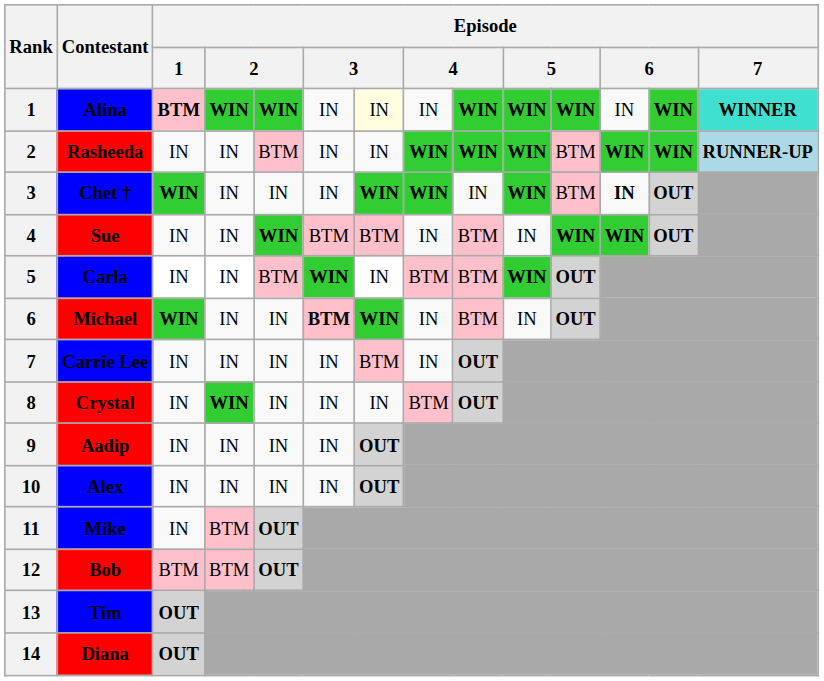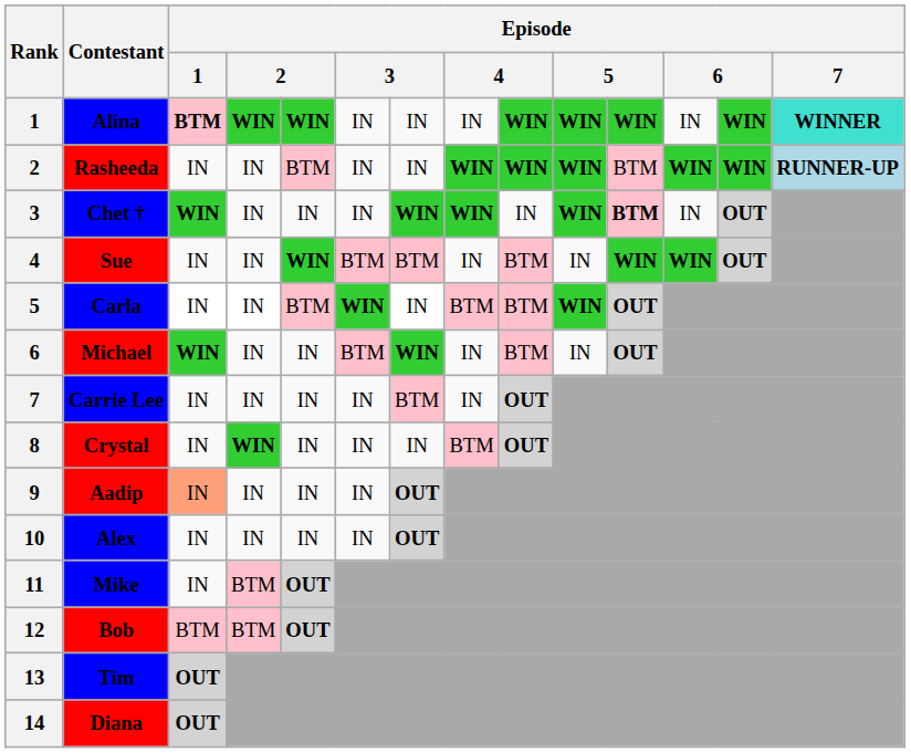 <table class="wikitable" style="text-align: center; font-size: 8.5pt; line-height:20px;">
 <tr>
 <th rowspan=2>Rank</th>
 <th rowspan=2>Contestant</th>
 <th colspan=12>Episode</th>
 </tr>
 <tr>
 <th>1</th>
 <th colspan=2>2</th>
 <th colspan=2>3</th>
 <th colspan=2>4</th>
 <th colspan=2>5</th>
 <th colspan=2>6</th>
 <th>7</th>
 </tr>
 <tr>
 <th>1</th>
 <td bgcolor="blue"><span><strong>Alina</strong></span></td>
 <td style="background:pink;"><strong>BTM</strong></td>
 <td style="background:limegreen;"><strong>WIN</strong></td>
 <td style="background:limegreen;"><strong>WIN</strong></td>
 <td>IN</td>
-<td style="background: lightyellow;">IN</td>
+<td>IN</td>
 <td>IN</td>
 <td style="background:limegreen;"><strong>WIN</strong></td>
 <td style="background:limegreen;"><strong>WIN</strong></td>
 <td style="background:limegreen;"><strong>WIN</strong></td>
 <td>IN</td>
 <td style="background:limegreen;"><strong>WIN</strong></td>
 <td style="background:turquoise;"><strong>WINNER</strong></td>
 </tr>
 <tr>
 <th>2</th>
 <td bgcolor="red"><span><strong>Rasheeda</strong></span></td>
 <td>IN</td>
 <td>IN</td>
 <td style="background:pink;">BTM</td>
 <td>IN</td>
 <td>IN</td>
 <td style="background:limegreen;"><strong>WIN</strong></td>
 <td style="background:limegreen;"><strong>WIN</strong></td>
 <td style="background:limegreen;"><strong>WIN</strong></td>
 <td style="background:pink;">BTM</td>
 <td style="background:limegreen;"><strong>WIN</strong></td>
 <td style="background:limegreen;"><strong>WIN</strong></td>
 <td style="background:lightblue;"><strong>RUNNER-UP</strong></td>
 </tr>
 <tr>
 <th>3</th>
 <td bgcolor="blue"><span><strong>Chet †</strong></span></td>
 <td style="background:limegreen;"><strong>WIN</strong></td>
 <td>IN</td>
 <td>IN</td>
 <td>IN</td>
 <td style="background:limegreen;"><strong>WIN</strong></td>
 <td style="background:limegreen;"><strong>WIN</strong></td>
 <td>IN</td>
 <td style="background:limegreen;"><strong>WIN</strong></td>
-<td style="background:pink;">BTM</td>
-<td><strong>IN</strong></td>
+<td style="background:pink;"><strong>BTM</strong></td>
+<td>IN</td>
 <td style="background:lightgray;"><strong>OUT</strong></td>
 <td colspan="1" style="background:darkgrey;"></td>
 </tr>
 <tr>
 <th>4</th>
 <td bgcolor="red"><span><strong>Sue</strong></span></td>
 <td>IN</td>
 <td>IN</td>
 <td style="background:limegreen;"><strong>WIN</strong></td>
 <td style="background:pink;">BTM</td>
 <td style="background:pink;">BTM</td>
 <td>IN</td>
 <td style="background:pink;">BTM</td>
 <td>IN</td>
 <td style="background:limegreen;"><strong>WIN</strong></td>
 <td style="background:limegreen;"><strong>WIN</strong></td>
 <td style="background:lightgray;"><strong>OUT</strong></td>
 <td colspan="1" style="background:darkgrey;"></td>
 </tr>
 <tr>
 <th>5</th>
 <td bgcolor="blue"><span><strong>Carla</strong></span></td>
 <td style="background:white;">IN</td>
 <td style="background:white;">IN</td>
 <td style="background:pink;">BTM</td>
 <td style="background:limegreen;"><strong>WIN</strong></td>
 <td style="background:white;">IN</td>
 <td style="background:pink;">BTM</td>
 <td style="background:pink;">BTM</td>
 <td style="background:limegreen;"><strong>WIN</strong></td>
 <td style="background:lightgray;"><strong>OUT</strong></td>
 <td colspan="3" style="background:darkgrey;"></td>
 </tr>
 <tr>
 <th>6</th>
 <td bgcolor="red"><span><strong>Michael</strong></span></td>
 <td style="background:limegreen;"><strong>WIN</strong></td>
 <td>IN</td>
 <td>IN</td>
-<td style="background:pink;"><strong>BTM</strong></td>
+<td style="background:pink;">BTM</td>
 <td style="background:limegreen;"><strong>WIN</strong></td>
 <td>IN</td>
 <td style="background:pink;">BTM</td>
 <td>IN</td>
 <td style="background:lightgray;"><strong>OUT</strong></td>
 <td colspan="3" style="background:darkgrey;"></td>
 </tr>
 <tr>
 <th>7</th>
 <td bgcolor="blue"><span><strong>Carrie Lee</strong></span></td>
 <td>IN</td>
 <td>IN</td>
 <td>IN</td>
 <td>IN</td>
 <td style="background:pink;">BTM</td>
 <td>IN</td>
 <td style="background:lightgray;"><strong>OUT</strong></td>
 <td colspan="5" style="background:darkgrey;"></td>
 </tr>
 <tr>
 <th>8</th>
 <td bgcolor="red"><span><strong>Crystal</strong></span></td>
 <td>IN</td>
 <td style="background:limegreen;"><strong>WIN</strong></td>
 <td>IN</td>
 <td>IN</td>
 <td>IN</td>
 <td style="background:pink;">BTM</td>
 <td style="background:lightgray;"><strong>OUT</strong></td>
 <td colspan="5" style="background:darkgrey;"></td>
 </tr>
 <tr>
 <th>9</th>
 <td bgcolor="red"><span><strong>Aadip</strong></span></td>
-<td>IN</td>
+<td style="background: lightsalmon;">IN</td>
 <td>IN</td>
 <td>IN</td>
 <td>IN</td>
 <td style="background:lightgray;"><strong>OUT</strong></td>
 <td colspan="7" style="background:darkgrey;"></td>
 </tr>
 <tr>
 <th>10</th>
 <td bgcolor="blue"><span><strong>Alex</strong></span></td>
 <td>IN</td>
 <td>IN</td>
 <td>IN</td>
 <td>IN</td>
 <td style="background:lightgray;"><strong>OUT</strong></td>
 <td colspan="7" style="background:darkgrey;"></td>
 </tr>
 <tr>
 <th>11</th>
 <td bgcolor="blue"><span><strong>Mike</strong></span></td>
 <td>IN</td>
 <td style="background:pink;">BTM</td>
 <td style="background:lightgray;"><strong>OUT</strong></td>
 <td colspan="9" style="background:darkgrey;"></td>
 </tr>
 <tr>
 <th>12</th>
 <td bgcolor="red"><span><strong>Bob</strong></span></td>
 <td style="background:pink;">BTM</td>
 <td style="background:pink;">BTM</td>
 <td style="background:lightgray;"><strong>OUT</strong></td>
 <td colspan="9" style="background:darkgrey;"></td>
 </tr>
 <tr>
 <th>13</th>
 <td bgcolor="blue"><span><strong>Tim</strong></span></td>
 <td style="background:lightgray;"><strong>OUT</strong></td>
 <td colspan="11" style="background:darkgrey;"></td>
 </tr>
 <tr>
 <th>14</th>
 <td bgcolor="red"><span><strong>Diana</strong></span></td>
 <td style="background:lightgray;"><strong>OUT</strong></td>
 <td colspan="11" style="background:darkgrey;"></td>
 </tr>
 </table>
